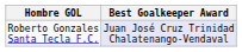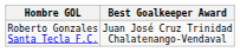 <table class="wikitable" style="margin: 0 auto;">
 <tr>
 <th>Hombre GOL</th>
 <th>Best Goalkeeper Award</th>
 </tr>
 <tr>
 <td align=center> Roberto Gonzales <br> <a href='#'>Santa Tecla F.C.</a></td>
-<td align=center style="background: lavender;"> Juan José Cruz Trinidad  <br> Chalatenango-Vendaval</td>
+<td align=center> Juan José Cruz Trinidad  <br> Chalatenango-Vendaval</td>
 </tr>
 </table>
